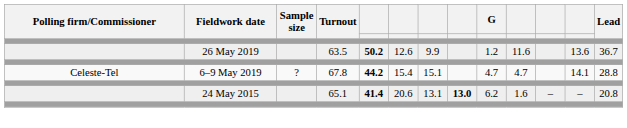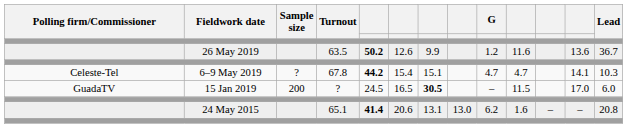 <table class="wikitable collapsible collapsed" style="text-align:center; font-size:95%; line-height:16px;">
 <tr style="height:42px;">
 <th style="width:250px;" rowspan="2">Polling firm/Commissioner</th>
 <th style="width:125px;" rowspan="2">Fieldwork date</th>
 <th style="width:50px;" rowspan="2">Sample size</th>
 <th style="width:45px;" rowspan="2">Turnout</th>
 <th style="width:35px;"></th>
 <th style="width:35px;"></th>
 <th style="width:35px;"></th>
 <th style="width:35px;"></th>
 <th style="width:35px;">G</th>
 <th style="width:35px;"></th>
 <th style="width:35px;"></th>
 <th style="width:35px;"></th>
 <th style="width:30px;" rowspan="2">Lead</th>
 </tr>
 <tr>
 <th style="color:inherit;background:"></th>
 <th style="color:inherit;background:"></th>
 <th style="color:inherit;background:"></th>
 <th style="color:inherit;background:"></th>
 <th style="color:inherit;background:"></th>
 <th style="color:inherit;background:"></th>
 <th style="color:inherit;background:"></th>
 <th style="color:inherit;background:"></th>
 </tr>
 <tr>
 <td colspan="13" style="background:#A0A0A0"></td>
 </tr>
 <tr style="background:#EFEFEF;">
 <td><strong></strong></td>
 <td>26 May 2019</td>
 <td></td>
 <td>63.5</td>
 <td><strong>50.2</strong><br></td>
 <td>12.6<br></td>
 <td>9.9<br></td>
 <td></td>
 <td>1.2<br></td>
 <td>11.6<br></td>
 <td></td>
 <td>13.6<br></td>
 <td style="background:">36.7</td>
 </tr>
 <tr>
 <td colspan="13" style="background:#A0A0A0"></td>
 </tr>
 <tr>
 <td>Celeste-Tel</td>
 <td>6–9 May 2019</td>
 <td>?</td>
 <td>67.8</td>
 <td><strong>44.2</strong><br></td>
 <td>15.4<br></td>
 <td>15.1<br></td>
 <td></td>
 <td>4.7<br></td>
 <td>4.7<br></td>
 <td></td>
 <td>14.1<br></td>
-<td style="background:">28.8</td>
+<td style="background:">10.3</td>
+</tr>
+<tr>
+<td>GuadaTV</td>
+<td>15 Jan 2019</td>
+<td>200</td>
+<td>?</td>
+<td>24.5<br></td>
+<td>16.5<br></td>
+<td><strong>30.5</strong><br></td>
+<td></td>
+<td>–</td>
+<td>11.5<br></td>
+<td></td>
+<td>17.0<br></td>
+<td style="background:">6.0</td>
 </tr>
 <tr>
 <td colspan="13" style="background:#A0A0A0"></td>
 </tr>
 <tr style="background:#EFEFEF;">
 <td><strong></strong></td>
 <td>24 May 2015</td>
 <td></td>
 <td>65.1</td>
 <td><strong>41.4</strong><br></td>
 <td>20.6<br></td>
 <td>13.1<br></td>
-<td><strong>13.0<br></strong></td>
+<td>13.0<br></td>
 <td>6.2<br></td>
 <td>1.6<br></td>
 <td>–</td>
 <td>–</td>
 <td style="background:">20.8</td>
 </tr>
 <tr>
 <td colspan="13" style="background:#A0A0A0"></td>
 </tr>
 </table>
